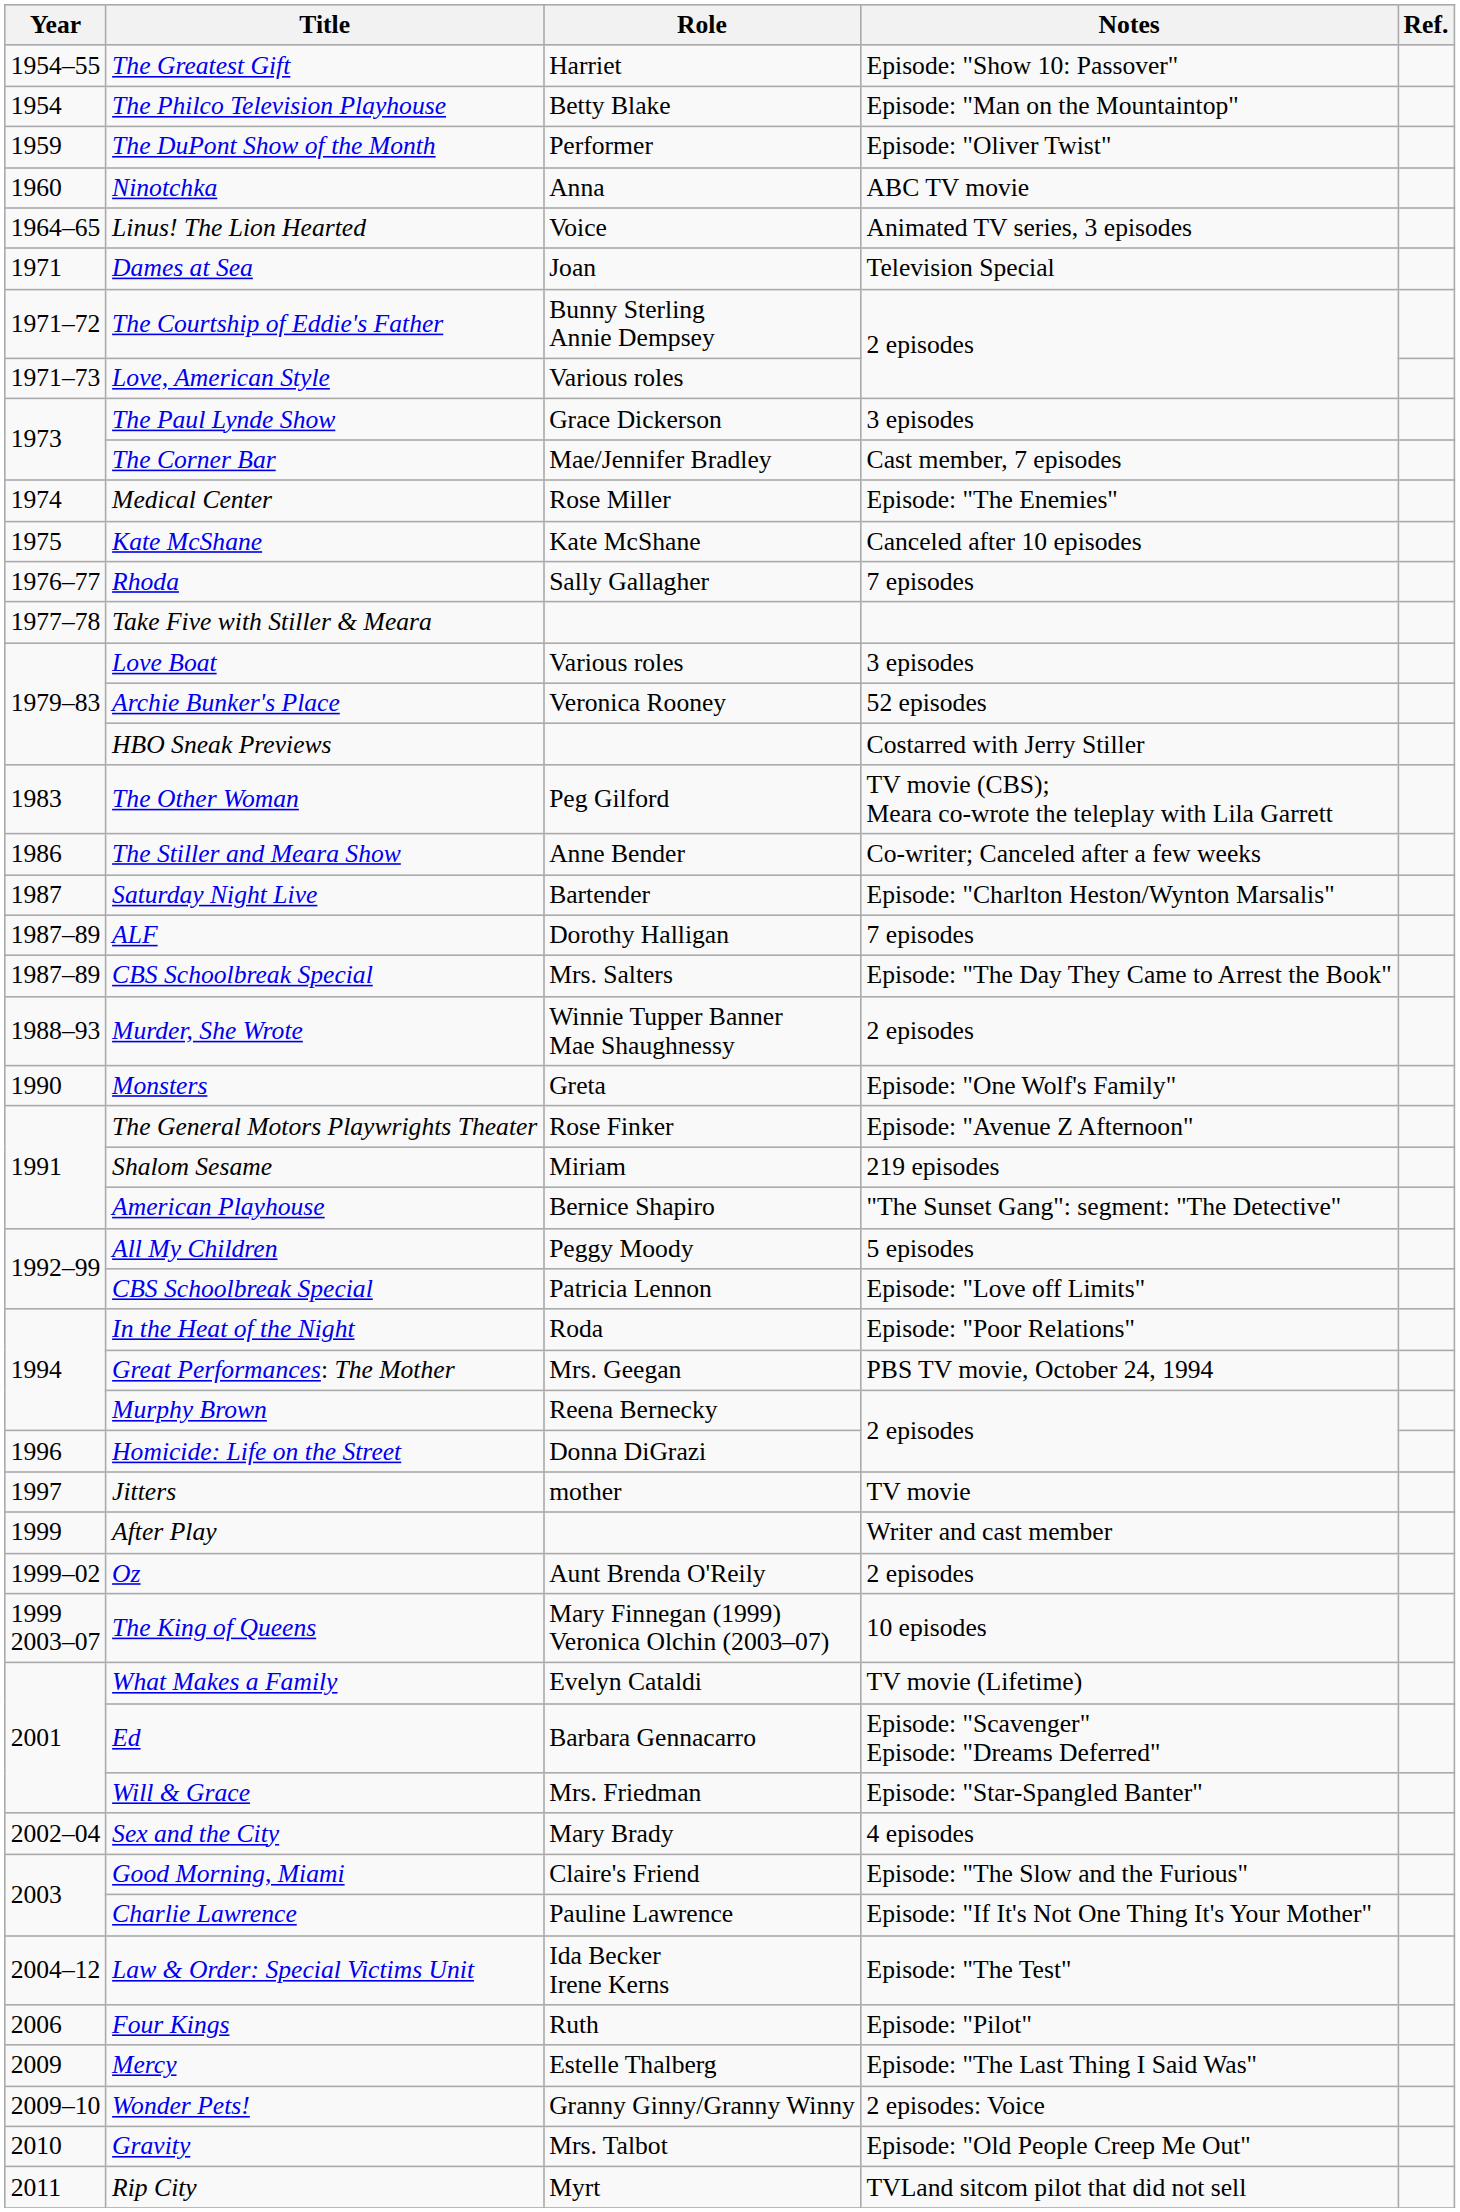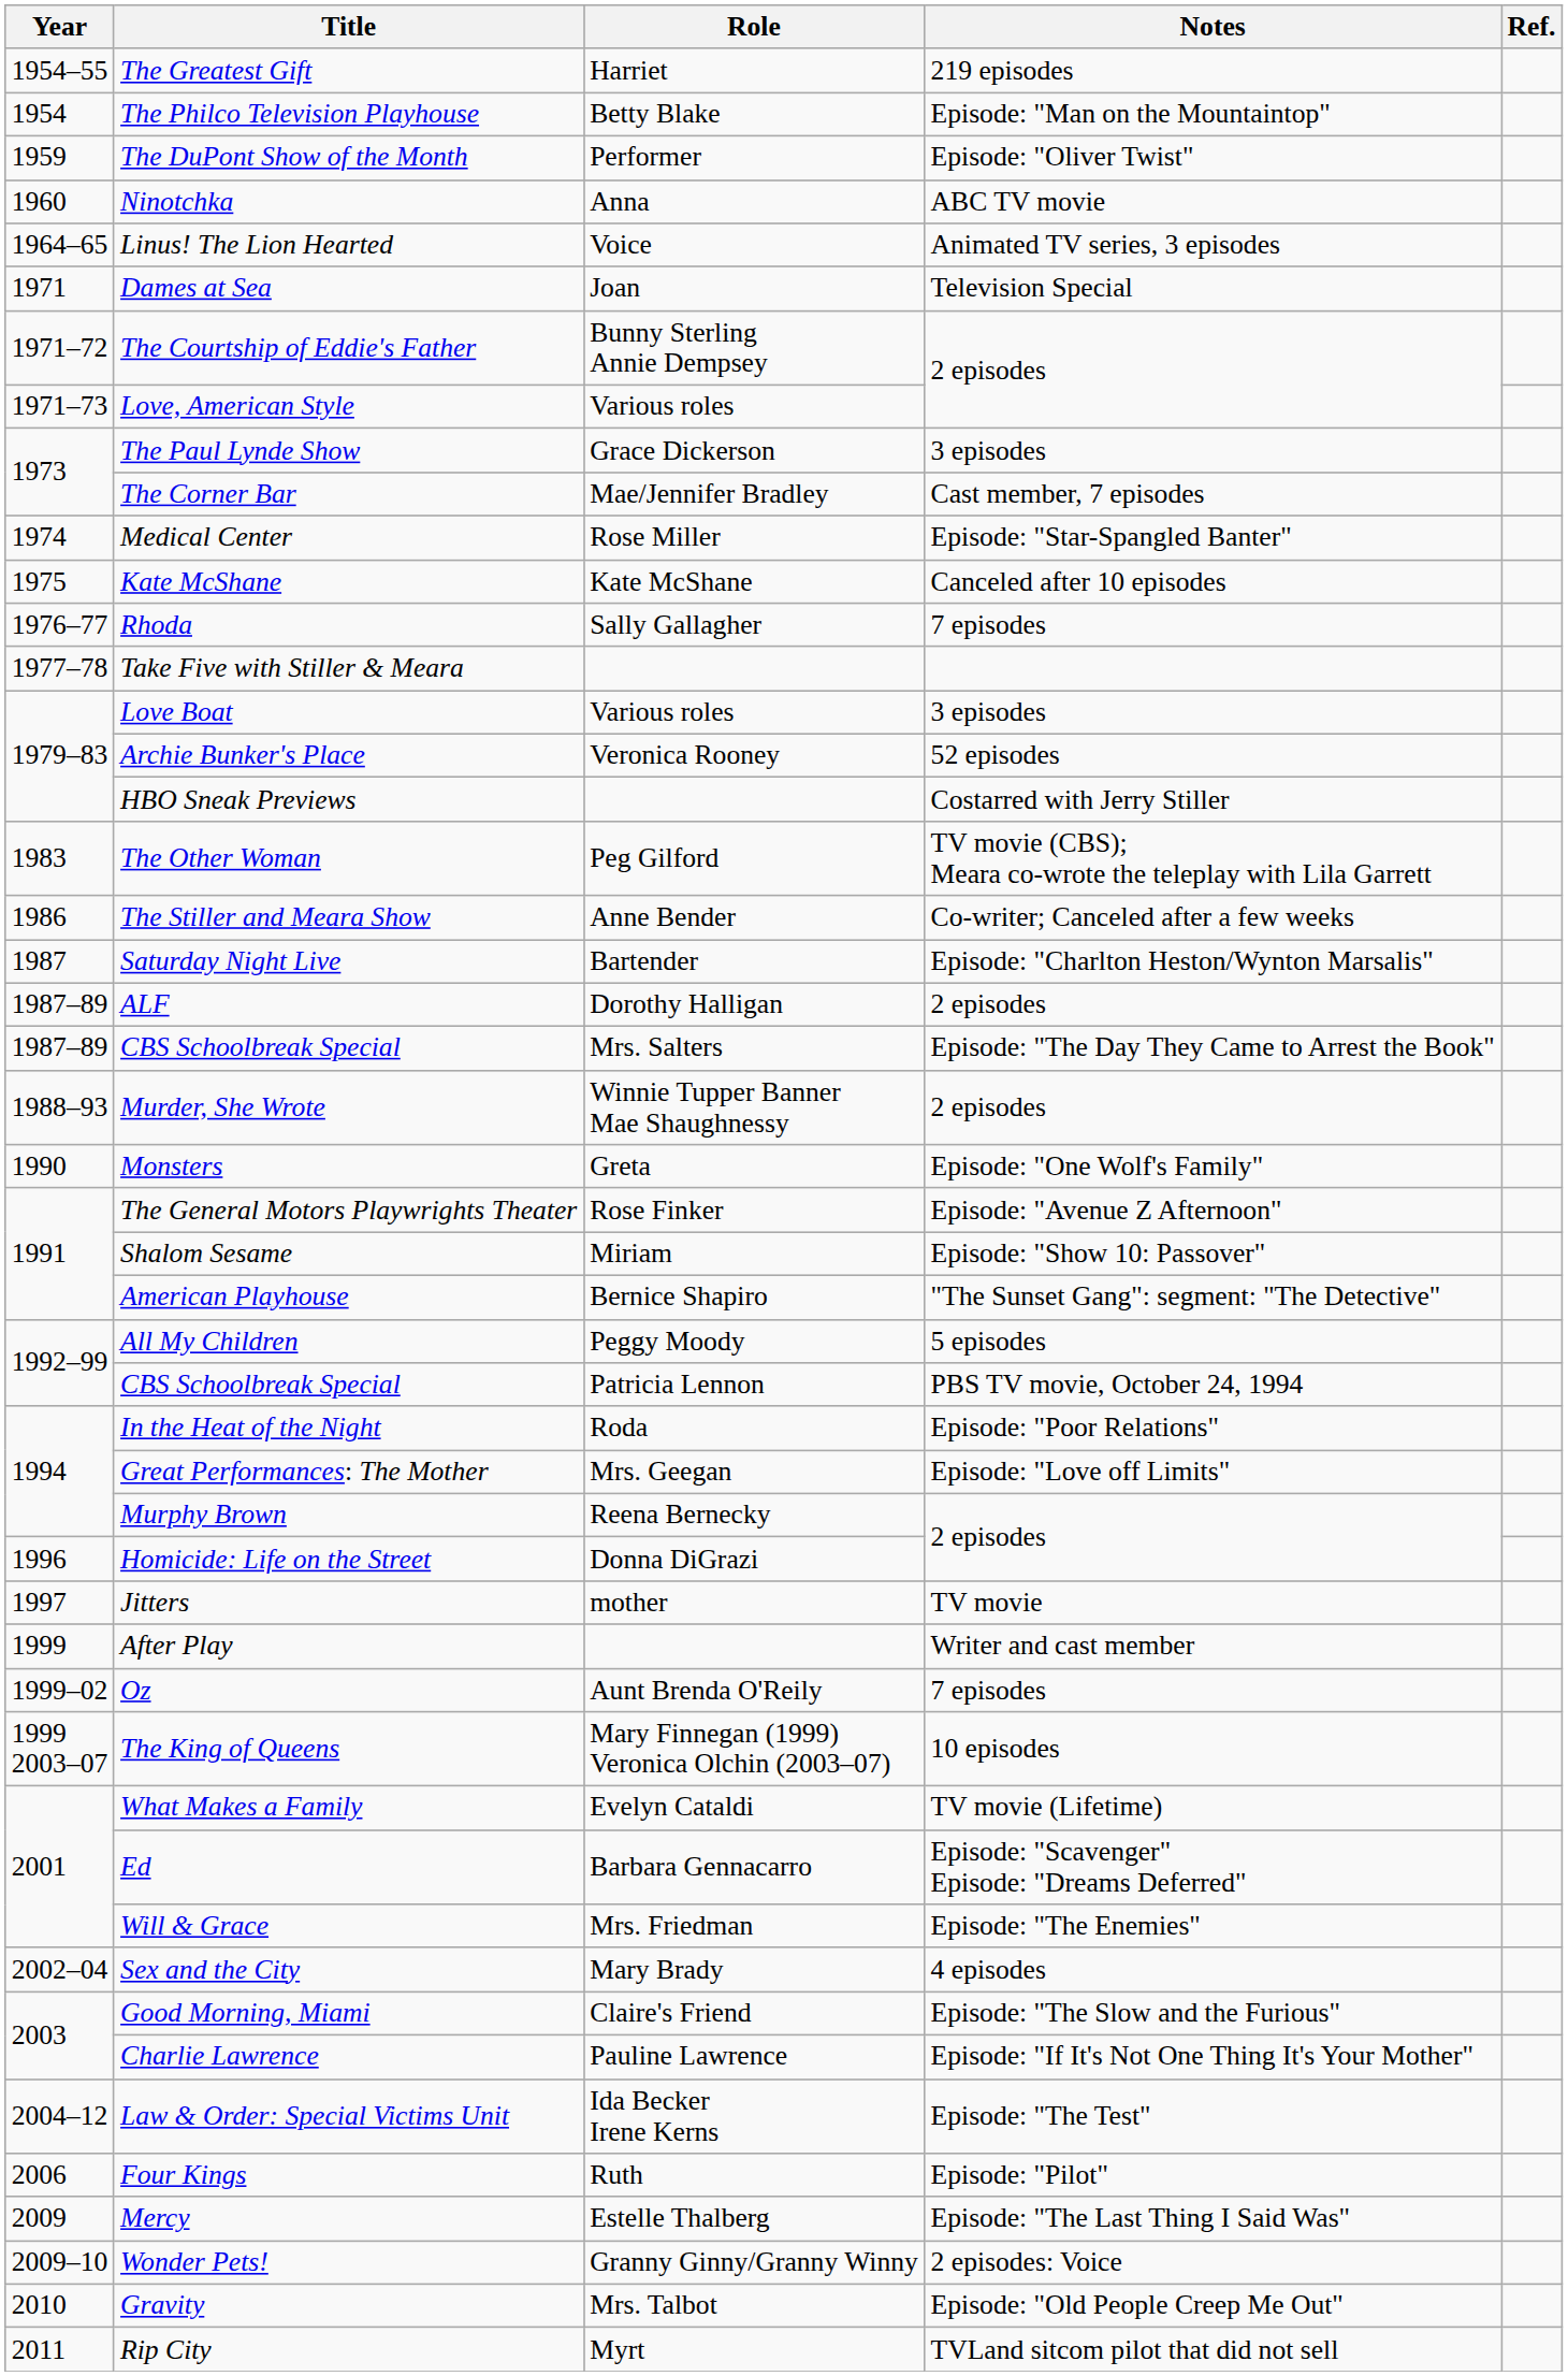 <table class="wikitable">
 <tr>
 <th>Year</th>
 <th>Title</th>
 <th>Role</th>
 <th>Notes</th>
 <th>Ref.</th>
 </tr>
 <tr>
 <td>1954–55</td>
 <td><em><a href='#'>The Greatest Gift</a></em></td>
 <td>Harriet</td>
-<td>Episode: "Show 10: Passover"</td>
+<td>219 episodes</td>
 <td></td>
 </tr>
 <tr>
 <td>1954</td>
 <td><em><a href='#'>The Philco Television Playhouse</a></em></td>
 <td>Betty Blake</td>
 <td>Episode: "Man on the Mountaintop"</td>
 <td></td>
 </tr>
 <tr>
 <td>1959</td>
 <td><em><a href='#'>The DuPont Show of the Month</a></em></td>
 <td>Performer</td>
 <td>Episode: "Oliver Twist"</td>
 <td></td>
 </tr>
 <tr>
 <td>1960</td>
 <td><em><a href='#'>Ninotchka</a></em></td>
 <td>Anna</td>
 <td>ABC TV movie</td>
 <td></td>
 </tr>
 <tr>
 <td>1964–65</td>
 <td><em>Linus! The Lion Hearted</em></td>
 <td>Voice</td>
 <td>Animated TV series, 3 episodes</td>
 <td></td>
 </tr>
 <tr>
 <td>1971</td>
 <td><em><a href='#'>Dames at Sea</a></em></td>
 <td>Joan</td>
 <td>Television Special</td>
 <td></td>
 </tr>
 <tr>
 <td>1971–72</td>
 <td><em><a href='#'>The Courtship of Eddie's Father</a></em></td>
 <td>Bunny Sterling <br> Annie Dempsey</td>
 <td rowspan="2">2 episodes</td>
 <td></td>
 </tr>
 <tr>
 <td>1971–73</td>
 <td><em><a href='#'>Love, American Style</a></em></td>
 <td>Various roles</td>
 <td></td>
 </tr>
 <tr>
 <td rowspan="2">1973</td>
 <td><em><a href='#'>The Paul Lynde Show</a></em></td>
 <td>Grace Dickerson</td>
 <td>3 episodes</td>
 <td></td>
 </tr>
 <tr>
 <td><em><a href='#'>The Corner Bar</a></em></td>
 <td>Mae/Jennifer Bradley</td>
 <td>Cast member, 7 episodes</td>
 <td></td>
 </tr>
 <tr>
 <td>1974</td>
 <td><em>Medical Center</em></td>
 <td>Rose Miller</td>
-<td>Episode: "The Enemies"</td>
+<td>Episode: "Star-Spangled Banter"</td>
 <td></td>
 </tr>
 <tr>
 <td>1975</td>
 <td><em><a href='#'>Kate McShane</a></em></td>
 <td>Kate McShane</td>
 <td>Canceled after 10 episodes</td>
 <td></td>
 </tr>
 <tr>
 <td>1976–77</td>
 <td><em><a href='#'>Rhoda</a></em></td>
 <td>Sally Gallagher</td>
 <td>7 episodes</td>
 <td></td>
 </tr>
 <tr>
 <td>1977–78</td>
 <td><em>Take Five with Stiller & Meara</em></td>
 <td></td>
 <td></td>
 <td></td>
 </tr>
 <tr>
 <td rowspan="3">1979–83</td>
 <td><em><a href='#'>Love Boat</a></em></td>
 <td>Various roles</td>
 <td>3 episodes</td>
 <td></td>
 </tr>
 <tr>
 <td><em><a href='#'>Archie Bunker's Place</a></em></td>
 <td>Veronica Rooney</td>
 <td>52 episodes</td>
 <td></td>
 </tr>
 <tr>
 <td><em>HBO Sneak Previews</em></td>
 <td></td>
 <td>Costarred with Jerry Stiller</td>
 <td></td>
 </tr>
 <tr>
 <td>1983</td>
 <td><em><a href='#'>The Other Woman</a></em></td>
 <td>Peg Gilford</td>
 <td>TV movie (CBS); <br> Meara co-wrote the teleplay with Lila Garrett</td>
 <td></td>
 </tr>
 <tr>
 <td>1986</td>
 <td><em><a href='#'>The Stiller and Meara Show</a></em></td>
 <td>Anne Bender</td>
 <td>Co-writer; Canceled after a few weeks</td>
 <td></td>
 </tr>
 <tr>
 <td>1987</td>
 <td><em><a href='#'>Saturday Night Live</a></em></td>
 <td>Bartender</td>
 <td>Episode: "Charlton Heston/Wynton Marsalis"</td>
 <td></td>
 </tr>
 <tr>
 <td>1987–89</td>
 <td><em><a href='#'>ALF</a></em></td>
 <td>Dorothy Halligan</td>
-<td>7 episodes</td>
+<td>2 episodes</td>
 <td></td>
 </tr>
 <tr>
 <td>1987–89</td>
 <td><em><a href='#'>CBS Schoolbreak Special</a></em></td>
 <td>Mrs. Salters</td>
 <td>Episode: "The Day They Came to Arrest the Book"</td>
 <td></td>
 </tr>
 <tr>
 <td>1988–93</td>
 <td><em><a href='#'>Murder, She Wrote</a></em></td>
 <td>Winnie Tupper Banner <br> Mae Shaughnessy</td>
 <td>2 episodes</td>
 <td></td>
 </tr>
 <tr>
 <td>1990</td>
 <td><em><a href='#'>Monsters</a></em></td>
 <td>Greta</td>
 <td>Episode: "One Wolf's Family"</td>
 <td></td>
 </tr>
 <tr>
 <td rowspan="3">1991</td>
 <td><em>The General Motors Playwrights Theater </em></td>
 <td>Rose Finker</td>
 <td>Episode: "Avenue Z Afternoon"</td>
 <td></td>
 </tr>
 <tr>
 <td><em>Shalom Sesame </em></td>
 <td>Miriam</td>
-<td>219 episodes</td>
+<td>Episode: "Show 10: Passover"</td>
 <td></td>
 </tr>
 <tr>
 <td><em><a href='#'>American Playhouse</a></em></td>
 <td>Bernice Shapiro</td>
 <td>"The Sunset Gang": segment: "The Detective"</td>
 <td></td>
 </tr>
 <tr>
 <td rowspan="2">1992–99</td>
 <td><em><a href='#'>All My Children</a></em></td>
 <td>Peggy Moody</td>
 <td>5 episodes</td>
 <td></td>
 </tr>
 <tr>
 <td><em><a href='#'>CBS Schoolbreak Special</a></em></td>
 <td>Patricia Lennon</td>
-<td>Episode: "Love off Limits"</td>
+<td>PBS TV movie, October 24, 1994</td>
 <td></td>
 </tr>
 <tr>
 <td rowspan="3">1994</td>
 <td><em><a href='#'>In the Heat of the Night</a></em></td>
 <td>Roda</td>
 <td>Episode: "Poor Relations"</td>
 <td></td>
 </tr>
 <tr>
 <td><em><a href='#'>Great Performances</a></em>: <em>The Mother</em></td>
 <td>Mrs. Geegan</td>
-<td>PBS TV movie, October 24, 1994</td>
+<td>Episode: "Love off Limits"</td>
 <td></td>
 </tr>
 <tr>
 <td><em><a href='#'>Murphy Brown</a></em></td>
 <td>Reena Bernecky</td>
 <td rowspan="2">2 episodes</td>
 <td></td>
 </tr>
 <tr>
 <td>1996</td>
 <td><em><a href='#'>Homicide: Life on the Street</a></em></td>
 <td>Donna DiGrazi</td>
 <td></td>
 </tr>
 <tr>
 <td>1997</td>
 <td><em>Jitters</em></td>
 <td>mother</td>
 <td>TV movie</td>
 <td></td>
 </tr>
 <tr>
 <td>1999</td>
 <td><em>After Play</em></td>
 <td></td>
 <td>Writer and cast member</td>
 <td></td>
 </tr>
 <tr>
 <td>1999–02</td>
 <td><em><a href='#'>Oz</a></em></td>
 <td>Aunt Brenda O'Reily</td>
-<td>2 episodes</td>
+<td>7 episodes</td>
 <td></td>
 </tr>
 <tr>
 <td>1999 <br> 2003–07</td>
 <td><em><a href='#'>The King of Queens</a></em></td>
 <td>Mary Finnegan (1999) <br> Veronica Olchin (2003–07)</td>
 <td>10 episodes</td>
 <td></td>
 </tr>
 <tr>
 <td rowspan="3">2001</td>
 <td><em><a href='#'>What Makes a Family</a></em></td>
 <td>Evelyn Cataldi</td>
 <td>TV movie (Lifetime)</td>
 <td></td>
 </tr>
 <tr>
 <td><em><a href='#'>Ed</a></em></td>
 <td>Barbara Gennacarro</td>
 <td>Episode: "Scavenger" <br> Episode: "Dreams Deferred"</td>
 <td></td>
 </tr>
 <tr>
 <td><em><a href='#'>Will & Grace</a></em></td>
 <td>Mrs. Friedman</td>
-<td>Episode: "Star-Spangled Banter"</td>
+<td>Episode: "The Enemies"</td>
 <td></td>
 </tr>
 <tr>
 <td>2002–04</td>
 <td><em><a href='#'>Sex and the City</a></em></td>
 <td>Mary Brady</td>
 <td>4 episodes</td>
 <td></td>
 </tr>
 <tr>
 <td rowspan="2">2003</td>
 <td><em><a href='#'>Good Morning, Miami</a></em></td>
 <td>Claire's Friend</td>
 <td>Episode: "The Slow and the Furious"</td>
 <td></td>
 </tr>
 <tr>
 <td><em><a href='#'>Charlie Lawrence</a></em></td>
 <td>Pauline Lawrence</td>
 <td>Episode: "If It's Not One Thing It's Your Mother"</td>
 <td></td>
 </tr>
 <tr>
 <td>2004–12</td>
 <td><em><a href='#'>Law & Order: Special Victims Unit</a></em></td>
 <td>Ida Becker <br> Irene Kerns</td>
 <td>Episode: "The Test"</td>
 <td></td>
 </tr>
 <tr>
 <td>2006</td>
 <td><em><a href='#'>Four Kings</a></em></td>
 <td>Ruth</td>
 <td>Episode: "Pilot"</td>
 <td></td>
 </tr>
 <tr>
 <td>2009</td>
 <td><em><a href='#'>Mercy</a></em></td>
 <td>Estelle Thalberg</td>
 <td>Episode: "The Last Thing I Said Was"</td>
 <td></td>
 </tr>
 <tr>
 <td>2009–10</td>
 <td><em><a href='#'>Wonder Pets!</a></em></td>
 <td>Granny Ginny/Granny Winny</td>
 <td>2 episodes: Voice</td>
 <td></td>
 </tr>
 <tr>
 <td>2010</td>
 <td><em><a href='#'>Gravity</a></em></td>
 <td>Mrs. Talbot</td>
 <td>Episode: "Old People Creep Me Out"</td>
 <td></td>
 </tr>
 <tr>
 <td>2011</td>
 <td><em>Rip City</em></td>
 <td>Myrt</td>
 <td>TVLand sitcom pilot that did not sell</td>
 <td></td>
 </tr>
 </table>
